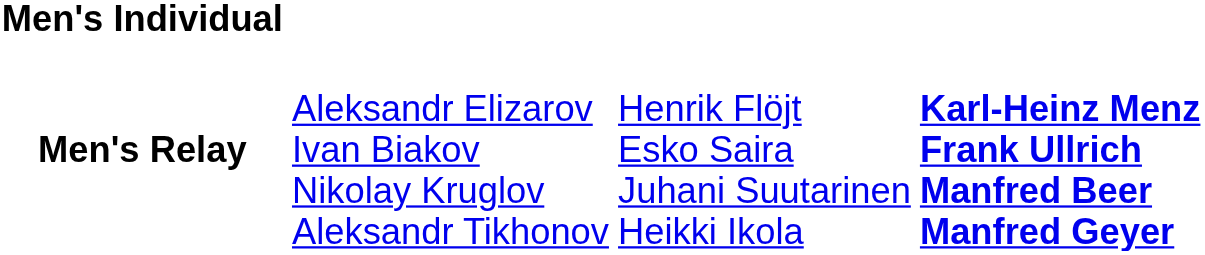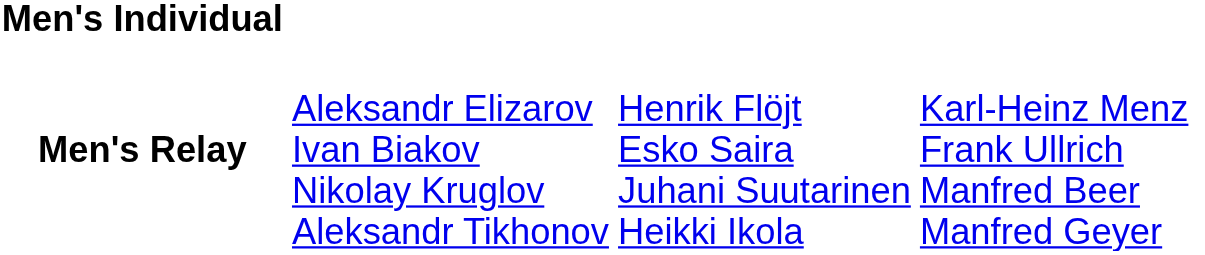 <table>
 <tr>
 <th scope="row">Men's Individual<br></th>
 <td></td>
 <td></td>
 <td></td>
 </tr>
 <tr>
 <th scope="row">Men's Relay<br></th>
 <td><br><a href='#'>Aleksandr Elizarov</a><br><a href='#'>Ivan Biakov</a><br><a href='#'>Nikolay Kruglov</a><br><a href='#'>Aleksandr Tikhonov</a></td>
 <td><br><a href='#'>Henrik Flöjt</a><br><a href='#'>Esko Saira</a><br><a href='#'>Juhani Suutarinen</a><br><a href='#'>Heikki Ikola</a></td>
-<td><strong><br><a href='#'>Karl-Heinz Menz</a><br><a href='#'>Frank Ullrich</a><br><a href='#'>Manfred Beer</a><br><a href='#'>Manfred Geyer</a></strong></td>
+<td><br><a href='#'>Karl-Heinz Menz</a><br><a href='#'>Frank Ullrich</a><br><a href='#'>Manfred Beer</a><br><a href='#'>Manfred Geyer</a></td>
 </tr>
 </table>
